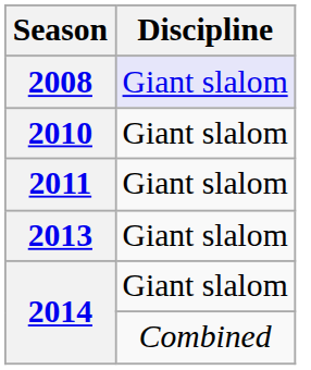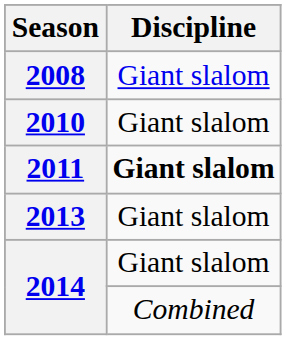 <table class=wikitable style="text-align:center">
 <tr>
 <th>Season</th>
 <th>Discipline</th>
 </tr>
 <tr>
 <th><a href='#'>2008</a></th>
-<td style="background: lavender;"><a href='#'>Giant slalom</a></td>
+<td><a href='#'>Giant slalom</a></td>
 </tr>
 <tr>
 <th><a href='#'>2010</a></th>
 <td>Giant slalom</td>
 </tr>
 <tr>
 <th><a href='#'>2011</a></th>
-<td>Giant slalom</td>
+<td><strong>Giant slalom</strong></td>
 </tr>
 <tr>
 <th><a href='#'>2013</a></th>
 <td>Giant slalom</td>
 </tr>
 <tr>
 <th rowspan=2><a href='#'>2014</a></th>
 <td>Giant slalom</td>
 </tr>
 <tr>
 <td><em>Combined</em> </td>
 </tr>
 </table>
